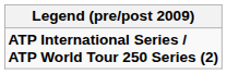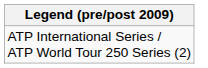 <table class="wikitable">
 <tr>
 <th>Legend (pre/post 2009)</th>
 </tr>
 <tr>
-<td><strong>ATP International Series / <br> ATP World Tour 250 Series (2)</strong></td>
+<td>ATP International Series / <br> ATP World Tour 250 Series (2)</td>
 </tr>
 </table>
